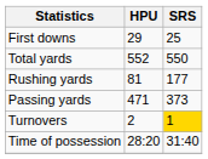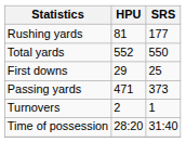 <table class="wikitable" style="float: left;">
 <tr>
 <th>Statistics</th>
 <th>HPU</th>
 <th>SRS</th>
 </tr>
 <tr>
-<td>First downs</td>
-<td>29</td>
-<td>25</td>
+<td>Rushing yards</td>
+<td>81</td>
+<td>177</td>
 </tr>
 <tr>
 <td>Total yards</td>
 <td>552</td>
 <td>550</td>
 </tr>
 <tr>
-<td>Rushing yards</td>
-<td>81</td>
-<td>177</td>
+<td>First downs</td>
+<td>29</td>
+<td>25</td>
 </tr>
 <tr>
 <td>Passing yards</td>
 <td>471</td>
 <td>373</td>
 </tr>
 <tr>
 <td>Turnovers</td>
 <td>2</td>
-<td style="background: gold;">1</td>
+<td>1</td>
 </tr>
 <tr>
 <td>Time of possession</td>
 <td>28:20</td>
 <td>31:40</td>
 </tr>
 <tr>
 </tr>
 </table>
